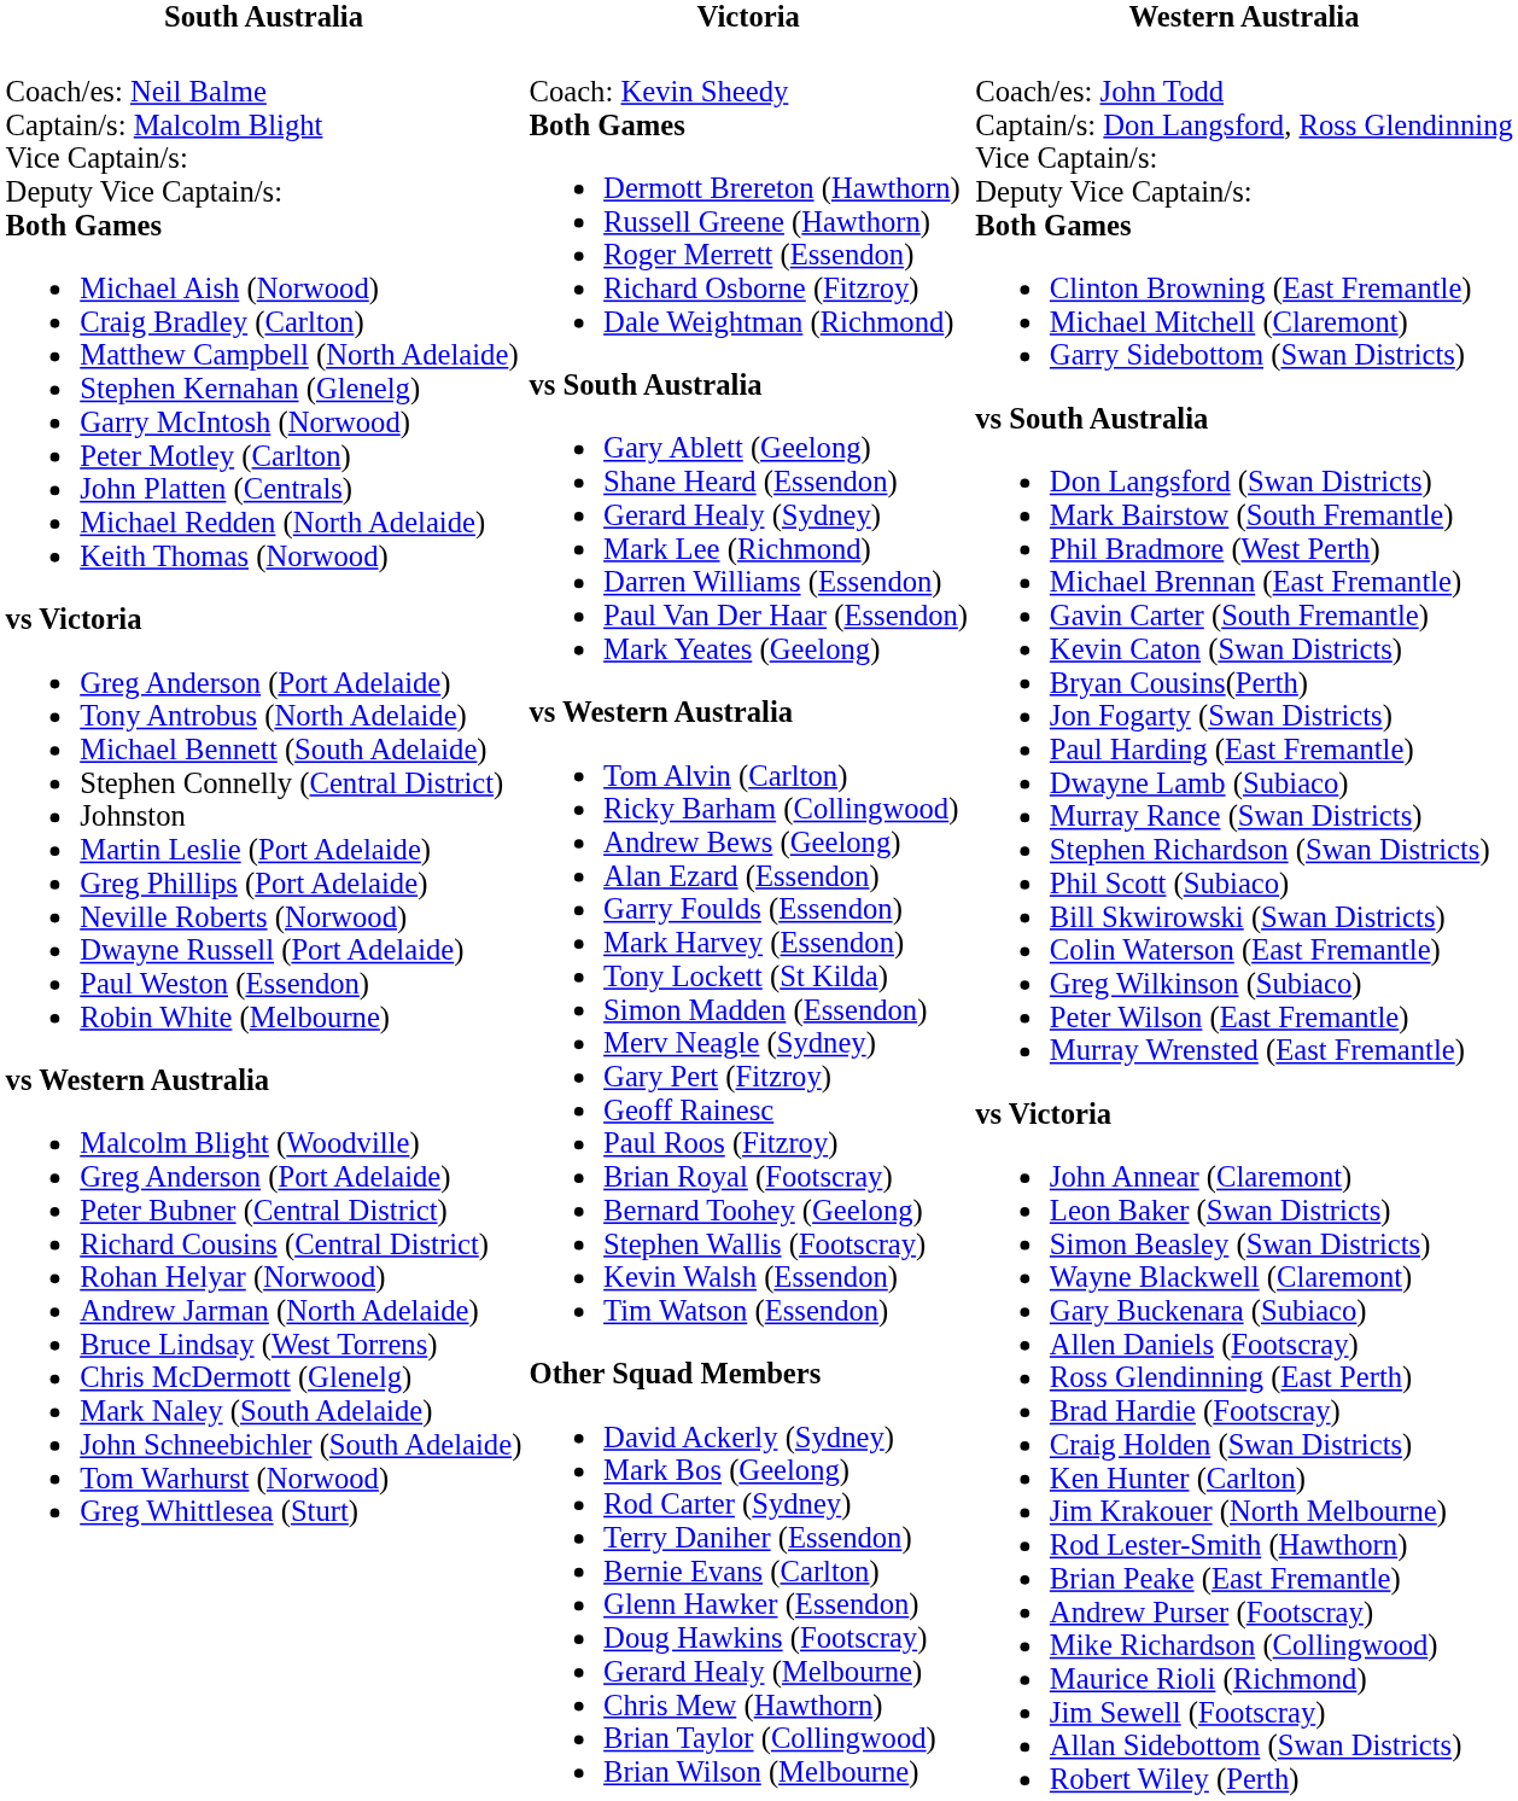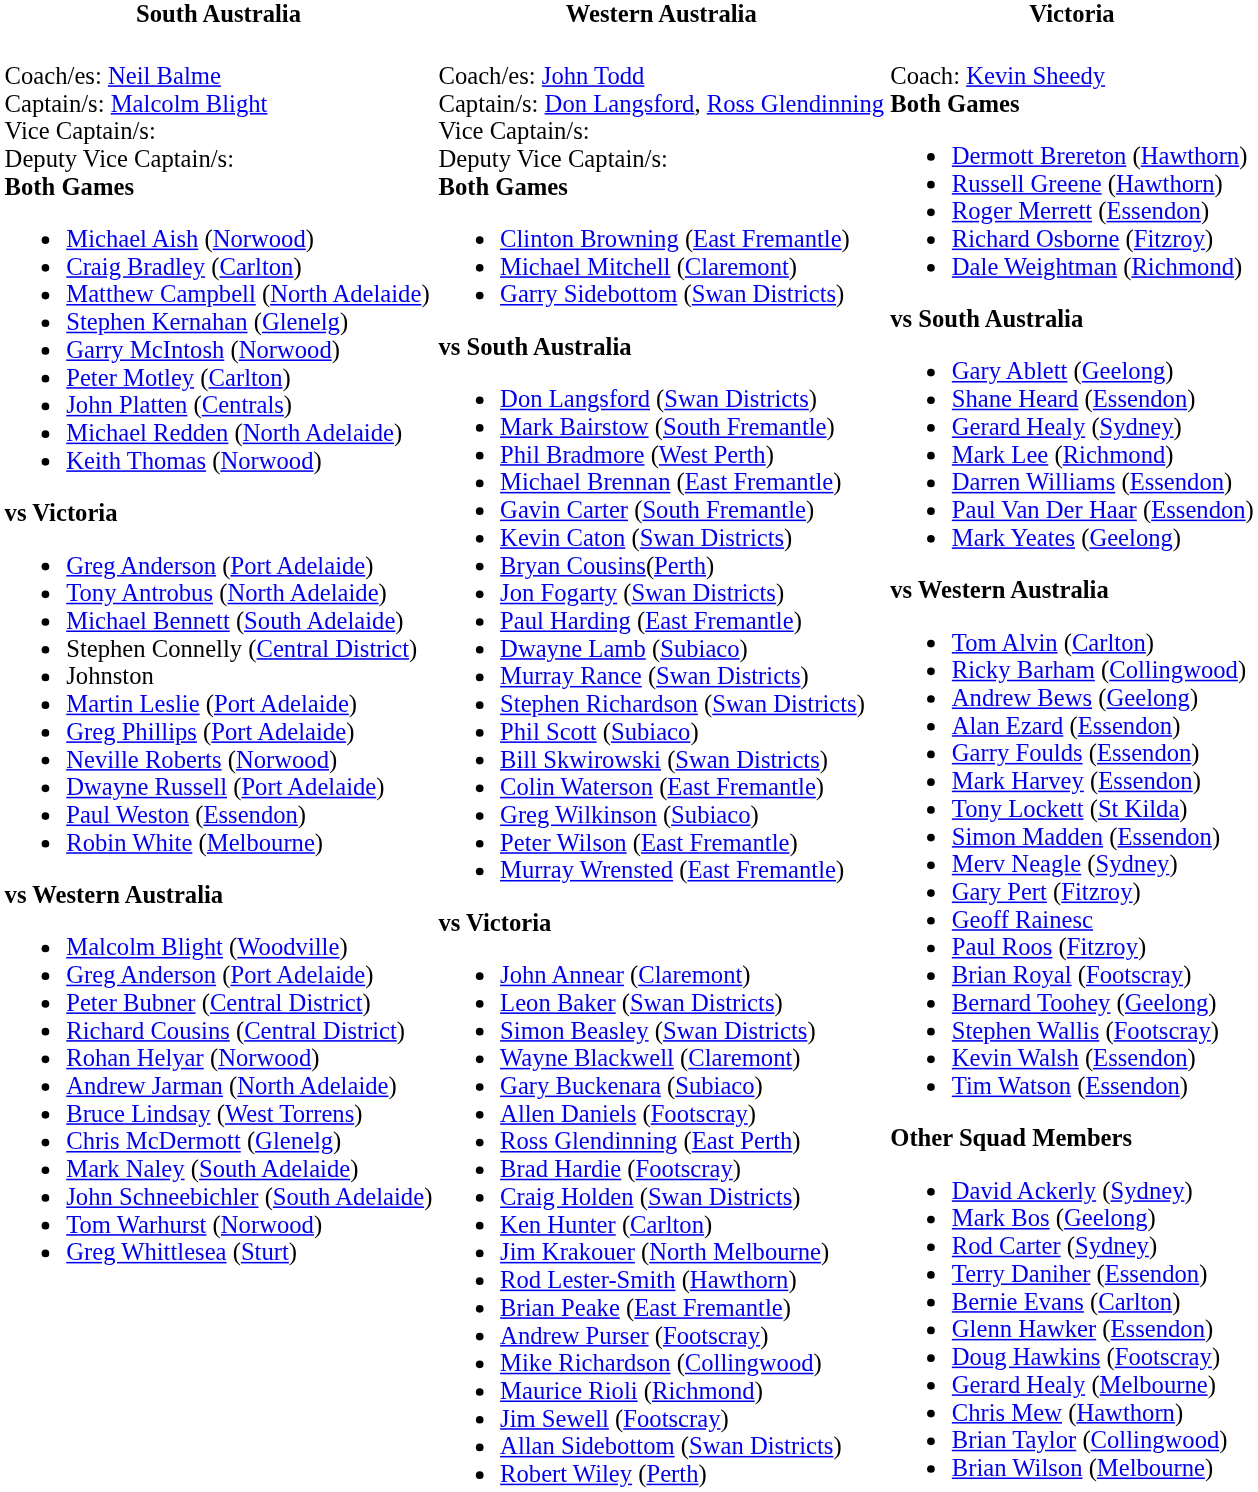 <table>
 <tr>
 <th><span>South Australia </span></th>
+<th><span>Western Australia </span></th>
 <th><span>Victoria </span> </th>
-<th><span>Western Australia </span></th>
 </tr>
 <tr valign="top">
 <td><br>Coach/es: <a href='#'>Neil Balme</a><br> Captain/s: <a href='#'>Malcolm Blight</a> <br> Vice Captain/s: <br> Deputy Vice Captain/s: <br> <strong>Both Games</strong><ul><li><a href='#'>Michael Aish</a> (<a href='#'>Norwood</a>)</li><li><a href='#'>Craig Bradley</a> (<a href='#'>Carlton</a>)</li><li><a href='#'>Matthew Campbell</a> (<a href='#'>North Adelaide</a>)</li><li><a href='#'>Stephen Kernahan</a> (<a href='#'>Glenelg</a>)</li><li><a href='#'>Garry McIntosh</a> (<a href='#'>Norwood</a>)</li><li><a href='#'>Peter Motley</a> (<a href='#'>Carlton</a>)</li><li><a href='#'>John Platten</a> (<a href='#'>Centrals</a>)</li><li><a href='#'>Michael Redden</a> (<a href='#'>North Adelaide</a>)</li><li><a href='#'>Keith Thomas</a> (<a href='#'>Norwood</a>)</li></ul><strong>vs Victoria</strong><ul><li><a href='#'>Greg Anderson</a> (<a href='#'>Port Adelaide</a>)</li><li><a href='#'>Tony Antrobus</a> (<a href='#'>North Adelaide</a>)</li><li><a href='#'>Michael Bennett</a> (<a href='#'>South Adelaide</a>)</li><li>Stephen Connelly (<a href='#'>Central District</a>)</li><li>Johnston</li><li><a href='#'>Martin Leslie</a> (<a href='#'>Port Adelaide</a>)</li><li><a href='#'>Greg Phillips</a> (<a href='#'>Port Adelaide</a>)</li><li><a href='#'>Neville Roberts</a> (<a href='#'>Norwood</a>)</li><li><a href='#'>Dwayne Russell</a> (<a href='#'>Port Adelaide</a>)</li><li><a href='#'>Paul Weston</a> (<a href='#'>Essendon</a>)</li><li><a href='#'>Robin White</a> (<a href='#'>Melbourne</a>)</li></ul> <strong>vs Western Australia</strong><ul><li><a href='#'>Malcolm Blight</a> (<a href='#'>Woodville</a>)</li><li><a href='#'>Greg Anderson</a> (<a href='#'>Port Adelaide</a>)</li><li><a href='#'>Peter Bubner</a> (<a href='#'>Central District</a>)</li><li><a href='#'>Richard Cousins</a> (<a href='#'>Central District</a>)</li><li><a href='#'>Rohan Helyar</a> (<a href='#'>Norwood</a>)</li><li><a href='#'>Andrew Jarman</a> (<a href='#'>North Adelaide</a>)</li><li><a href='#'>Bruce Lindsay</a> (<a href='#'>West Torrens</a>)</li><li><a href='#'>Chris McDermott</a> (<a href='#'>Glenelg</a>)</li><li><a href='#'>Mark Naley</a> (<a href='#'>South Adelaide</a>)</li><li><a href='#'>John Schneebichler</a> (<a href='#'>South Adelaide</a>)</li><li><a href='#'>Tom Warhurst</a> (<a href='#'>Norwood</a>)</li><li><a href='#'>Greg Whittlesea</a> (<a href='#'>Sturt</a>)</li></ul></td>
+<td><br>Coach/es: <a href='#'>John Todd</a><br> Captain/s: <a href='#'>Don Langsford</a>, <a href='#'>Ross Glendinning</a> <br> Vice Captain/s: <br> Deputy Vice Captain/s: <br> <strong>Both Games</strong><ul><li><a href='#'>Clinton Browning</a> (<a href='#'>East Fremantle</a>)</li><li><a href='#'>Michael Mitchell</a> (<a href='#'>Claremont</a>)</li><li><a href='#'>Garry Sidebottom</a> (<a href='#'>Swan Districts</a>)</li></ul><strong>vs South Australia</strong><ul><li><a href='#'>Don Langsford</a> (<a href='#'>Swan Districts</a>)</li><li><a href='#'>Mark Bairstow</a> (<a href='#'>South Fremantle</a>)</li><li><a href='#'>Phil Bradmore</a> (<a href='#'>West Perth</a>)</li><li><a href='#'>Michael Brennan</a> (<a href='#'>East Fremantle</a>)</li><li><a href='#'>Gavin Carter</a> (<a href='#'>South Fremantle</a>)</li><li><a href='#'>Kevin Caton</a> (<a href='#'>Swan Districts</a>)</li><li><a href='#'>Bryan Cousins</a>(<a href='#'>Perth</a>)</li><li><a href='#'>Jon Fogarty</a> (<a href='#'>Swan Districts</a>)</li><li><a href='#'>Paul Harding</a> (<a href='#'>East Fremantle</a>)</li><li><a href='#'>Dwayne Lamb</a> (<a href='#'>Subiaco</a>)</li><li><a href='#'>Murray Rance</a> (<a href='#'>Swan Districts</a>)</li><li><a href='#'>Stephen Richardson</a> (<a href='#'>Swan Districts</a>)</li><li><a href='#'>Phil Scott</a> (<a href='#'>Subiaco</a>)</li><li><a href='#'>Bill Skwirowski</a> (<a href='#'>Swan Districts</a>)</li><li><a href='#'>Colin Waterson</a> (<a href='#'>East Fremantle</a>)</li><li><a href='#'>Greg Wilkinson</a> (<a href='#'>Subiaco</a>)</li><li><a href='#'>Peter Wilson</a> (<a href='#'>East Fremantle</a>)</li><li><a href='#'>Murray Wrensted</a> (<a href='#'>East Fremantle</a>)</li></ul><strong>vs Victoria</strong><ul><li><a href='#'>John Annear</a> (<a href='#'>Claremont</a>)</li><li><a href='#'>Leon Baker</a> (<a href='#'>Swan Districts</a>)</li><li><a href='#'>Simon Beasley</a> (<a href='#'>Swan Districts</a>)</li><li><a href='#'>Wayne Blackwell</a> (<a href='#'>Claremont</a>)</li><li><a href='#'>Gary Buckenara</a> (<a href='#'>Subiaco</a>)</li><li><a href='#'>Allen Daniels</a> (<a href='#'>Footscray</a>)</li><li><a href='#'>Ross Glendinning</a> (<a href='#'>East Perth</a>)</li><li><a href='#'>Brad Hardie</a> (<a href='#'>Footscray</a>)</li><li><a href='#'>Craig Holden</a> (<a href='#'>Swan Districts</a>)</li><li><a href='#'>Ken Hunter</a> (<a href='#'>Carlton</a>)</li><li><a href='#'>Jim Krakouer</a> (<a href='#'>North Melbourne</a>)</li><li><a href='#'>Rod Lester-Smith</a> (<a href='#'>Hawthorn</a>)</li><li><a href='#'>Brian Peake</a> (<a href='#'>East Fremantle</a>)</li><li><a href='#'>Andrew Purser</a> (<a href='#'>Footscray</a>)</li><li><a href='#'>Mike Richardson</a> (<a href='#'>Collingwood</a>)</li><li><a href='#'>Maurice Rioli</a> (<a href='#'>Richmond</a>)</li><li><a href='#'>Jim Sewell</a> (<a href='#'>Footscray</a>)</li><li><a href='#'>Allan Sidebottom</a> (<a href='#'>Swan Districts</a>)</li><li><a href='#'>Robert Wiley</a> (<a href='#'>Perth</a>)</li></ul></td>
 <td><br>Coach: <a href='#'>Kevin Sheedy</a><br> <strong>Both Games</strong><ul><li><a href='#'>Dermott Brereton</a> (<a href='#'>Hawthorn</a>)</li><li><a href='#'>Russell Greene</a> (<a href='#'>Hawthorn</a>)</li><li><a href='#'>Roger Merrett</a> (<a href='#'>Essendon</a>)</li><li><a href='#'>Richard Osborne</a> (<a href='#'>Fitzroy</a>)</li><li><a href='#'>Dale Weightman</a> (<a href='#'>Richmond</a>)</li></ul> <strong>vs South Australia</strong><ul><li><a href='#'>Gary Ablett</a> (<a href='#'>Geelong</a>)</li><li><a href='#'>Shane Heard</a> (<a href='#'>Essendon</a>)</li><li><a href='#'>Gerard Healy</a> (<a href='#'>Sydney</a>)</li><li><a href='#'>Mark Lee</a> (<a href='#'>Richmond</a>)</li><li><a href='#'>Darren Williams</a> (<a href='#'>Essendon</a>)</li><li><a href='#'>Paul Van Der Haar</a> (<a href='#'>Essendon</a>)</li><li><a href='#'>Mark Yeates</a> (<a href='#'>Geelong</a>)</li></ul> <strong>vs Western Australia</strong><ul><li><a href='#'>Tom Alvin</a> (<a href='#'>Carlton</a>)</li><li><a href='#'>Ricky Barham</a> (<a href='#'>Collingwood</a>)</li><li><a href='#'>Andrew Bews</a> (<a href='#'>Geelong</a>)</li><li><a href='#'>Alan Ezard</a> (<a href='#'>Essendon</a>)</li><li><a href='#'>Garry Foulds</a> (<a href='#'>Essendon</a>)</li><li><a href='#'>Mark Harvey</a> (<a href='#'>Essendon</a>)</li><li><a href='#'>Tony Lockett</a> (<a href='#'>St Kilda</a>)</li><li><a href='#'>Simon Madden</a> (<a href='#'>Essendon</a>)</li><li><a href='#'>Merv Neagle</a> (<a href='#'>Sydney</a>)</li><li><a href='#'>Gary Pert</a> (<a href='#'>Fitzroy</a>)</li><li><a href='#'>Geoff Rainesc</a></li><li><a href='#'>Paul Roos</a> (<a href='#'>Fitzroy</a>)</li><li><a href='#'>Brian Royal</a> (<a href='#'>Footscray</a>)</li><li><a href='#'>Bernard Toohey</a> (<a href='#'>Geelong</a>)</li><li><a href='#'>Stephen Wallis</a> (<a href='#'>Footscray</a>)</li><li><a href='#'>Kevin Walsh</a> (<a href='#'>Essendon</a>)</li><li><a href='#'>Tim Watson</a> (<a href='#'>Essendon</a>)</li></ul><strong>Other Squad Members</strong><ul><li><a href='#'>David Ackerly</a> (<a href='#'>Sydney</a>)</li><li><a href='#'>Mark Bos</a> (<a href='#'>Geelong</a>)</li><li><a href='#'>Rod Carter</a> (<a href='#'>Sydney</a>)</li><li><a href='#'>Terry Daniher</a> (<a href='#'>Essendon</a>)</li><li><a href='#'>Bernie Evans</a> (<a href='#'>Carlton</a>)</li><li><a href='#'>Glenn Hawker</a> (<a href='#'>Essendon</a>)</li><li><a href='#'>Doug Hawkins</a> (<a href='#'>Footscray</a>)</li><li><a href='#'>Gerard Healy</a> (<a href='#'>Melbourne</a>)</li><li><a href='#'>Chris Mew</a> (<a href='#'>Hawthorn</a>)</li><li><a href='#'>Brian Taylor</a> (<a href='#'>Collingwood</a>)</li><li><a href='#'>Brian Wilson</a> (<a href='#'>Melbourne</a>)</li></ul></td>
-<td><br>Coach/es: <a href='#'>John Todd</a><br> Captain/s: <a href='#'>Don Langsford</a>, <a href='#'>Ross Glendinning</a> <br> Vice Captain/s: <br> Deputy Vice Captain/s: <br> <strong>Both Games</strong><ul><li><a href='#'>Clinton Browning</a> (<a href='#'>East Fremantle</a>)</li><li><a href='#'>Michael Mitchell</a> (<a href='#'>Claremont</a>)</li><li><a href='#'>Garry Sidebottom</a> (<a href='#'>Swan Districts</a>)</li></ul><strong>vs South Australia</strong><ul><li><a href='#'>Don Langsford</a> (<a href='#'>Swan Districts</a>)</li><li><a href='#'>Mark Bairstow</a> (<a href='#'>South Fremantle</a>)</li><li><a href='#'>Phil Bradmore</a> (<a href='#'>West Perth</a>)</li><li><a href='#'>Michael Brennan</a> (<a href='#'>East Fremantle</a>)</li><li><a href='#'>Gavin Carter</a> (<a href='#'>South Fremantle</a>)</li><li><a href='#'>Kevin Caton</a> (<a href='#'>Swan Districts</a>)</li><li><a href='#'>Bryan Cousins</a>(<a href='#'>Perth</a>)</li><li><a href='#'>Jon Fogarty</a> (<a href='#'>Swan Districts</a>)</li><li><a href='#'>Paul Harding</a> (<a href='#'>East Fremantle</a>)</li><li><a href='#'>Dwayne Lamb</a> (<a href='#'>Subiaco</a>)</li><li><a href='#'>Murray Rance</a> (<a href='#'>Swan Districts</a>)</li><li><a href='#'>Stephen Richardson</a> (<a href='#'>Swan Districts</a>)</li><li><a href='#'>Phil Scott</a> (<a href='#'>Subiaco</a>)</li><li><a href='#'>Bill Skwirowski</a> (<a href='#'>Swan Districts</a>)</li><li><a href='#'>Colin Waterson</a> (<a href='#'>East Fremantle</a>)</li><li><a href='#'>Greg Wilkinson</a> (<a href='#'>Subiaco</a>)</li><li><a href='#'>Peter Wilson</a> (<a href='#'>East Fremantle</a>)</li><li><a href='#'>Murray Wrensted</a> (<a href='#'>East Fremantle</a>)</li></ul><strong>vs Victoria</strong><ul><li><a href='#'>John Annear</a> (<a href='#'>Claremont</a>)</li><li><a href='#'>Leon Baker</a> (<a href='#'>Swan Districts</a>)</li><li><a href='#'>Simon Beasley</a> (<a href='#'>Swan Districts</a>)</li><li><a href='#'>Wayne Blackwell</a> (<a href='#'>Claremont</a>)</li><li><a href='#'>Gary Buckenara</a> (<a href='#'>Subiaco</a>)</li><li><a href='#'>Allen Daniels</a> (<a href='#'>Footscray</a>)</li><li><a href='#'>Ross Glendinning</a> (<a href='#'>East Perth</a>)</li><li><a href='#'>Brad Hardie</a> (<a href='#'>Footscray</a>)</li><li><a href='#'>Craig Holden</a> (<a href='#'>Swan Districts</a>)</li><li><a href='#'>Ken Hunter</a> (<a href='#'>Carlton</a>)</li><li><a href='#'>Jim Krakouer</a> (<a href='#'>North Melbourne</a>)</li><li><a href='#'>Rod Lester-Smith</a> (<a href='#'>Hawthorn</a>)</li><li><a href='#'>Brian Peake</a> (<a href='#'>East Fremantle</a>)</li><li><a href='#'>Andrew Purser</a> (<a href='#'>Footscray</a>)</li><li><a href='#'>Mike Richardson</a> (<a href='#'>Collingwood</a>)</li><li><a href='#'>Maurice Rioli</a> (<a href='#'>Richmond</a>)</li><li><a href='#'>Jim Sewell</a> (<a href='#'>Footscray</a>)</li><li><a href='#'>Allan Sidebottom</a> (<a href='#'>Swan Districts</a>)</li><li><a href='#'>Robert Wiley</a> (<a href='#'>Perth</a>)</li></ul></td>
 </tr>
 </table>
